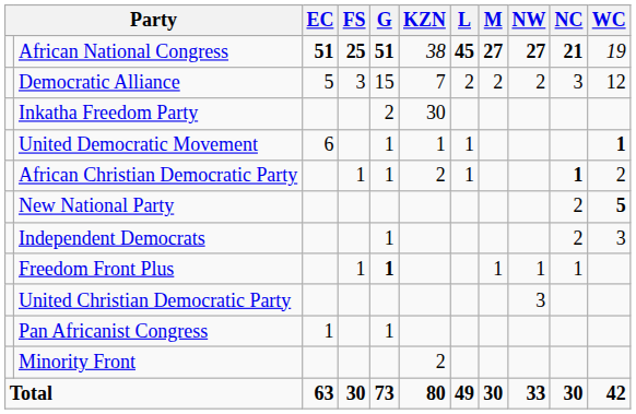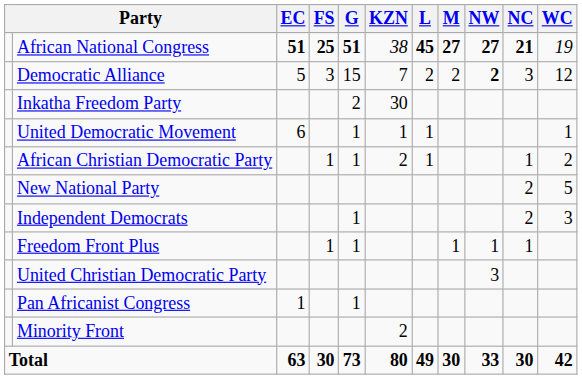 <table class=wikitable style=text-align:right>
 <tr>
 <th colspan=2>Party</th>
 <th><a href='#'>EC</a></th>
 <th><a href='#'>FS</a></th>
 <th><a href='#'>G</a></th>
 <th><a href='#'>KZN</a></th>
 <th><a href='#'>L</a></th>
 <th><a href='#'>M</a></th>
 <th><a href='#'>NW</a></th>
 <th><a href='#'>NC</a></th>
 <th><a href='#'>WC</a></th>
 </tr>
 <tr>
 <td bgcolor=></td>
 <td align=left><a href='#'>African National Congress</a></td>
 <td><strong>51</strong></td>
 <td><strong>25</strong></td>
 <td><strong>51</strong></td>
 <td><em>38</em></td>
 <td><strong>45</strong></td>
 <td><strong>27</strong></td>
 <td><strong>27</strong></td>
 <td><strong>21</strong></td>
 <td><em>19</em></td>
 </tr>
 <tr>
 <td bgcolor=></td>
 <td align=left><a href='#'>Democratic Alliance</a></td>
 <td>5</td>
 <td>3</td>
 <td>15</td>
 <td>7</td>
 <td>2</td>
 <td>2</td>
-<td>2</td>
+<td><strong>2</strong></td>
 <td>3</td>
 <td>12</td>
 </tr>
 <tr>
 <td bgcolor=></td>
 <td align=left><a href='#'>Inkatha Freedom Party</a></td>
 <td></td>
 <td></td>
 <td>2</td>
 <td>30</td>
 <td></td>
 <td></td>
 <td></td>
 <td></td>
 <td></td>
 </tr>
 <tr>
 <td bgcolor=></td>
 <td align=left><a href='#'>United Democratic Movement</a></td>
 <td>6</td>
 <td></td>
 <td>1</td>
 <td>1</td>
 <td>1</td>
 <td></td>
 <td></td>
 <td></td>
-<td><strong>1</strong></td>
+<td>1</td>
 </tr>
 <tr>
 <td bgcolor=></td>
 <td align=left><a href='#'>African Christian Democratic Party</a></td>
 <td></td>
 <td>1</td>
 <td>1</td>
 <td>2</td>
 <td>1</td>
 <td></td>
 <td></td>
-<td><strong>1</strong></td>
+<td>1</td>
 <td>2</td>
 </tr>
 <tr>
 <td bgcolor=></td>
 <td align=left><a href='#'>New National Party</a></td>
 <td></td>
 <td></td>
 <td></td>
 <td></td>
 <td></td>
 <td></td>
 <td></td>
 <td>2</td>
-<td><strong>5</strong></td>
+<td>5</td>
 </tr>
 <tr>
 <td bgcolor=></td>
 <td align=left><a href='#'>Independent Democrats</a></td>
 <td></td>
 <td></td>
 <td>1</td>
 <td></td>
 <td></td>
 <td></td>
 <td></td>
 <td>2</td>
 <td>3</td>
 </tr>
 <tr>
 <td bgcolor=></td>
 <td align=left><a href='#'>Freedom Front Plus</a></td>
 <td></td>
 <td>1</td>
-<td><strong>1</strong></td>
+<td>1</td>
 <td></td>
 <td></td>
 <td>1</td>
 <td>1</td>
 <td>1</td>
 <td></td>
 </tr>
 <tr>
 <td bgcolor=></td>
 <td align=left><a href='#'>United Christian Democratic Party</a></td>
 <td></td>
 <td></td>
 <td></td>
 <td></td>
 <td></td>
 <td></td>
 <td>3</td>
 <td></td>
 <td></td>
 </tr>
 <tr>
 <td bgcolor=></td>
 <td align=left><a href='#'>Pan Africanist Congress</a></td>
 <td>1</td>
 <td></td>
 <td>1</td>
 <td></td>
 <td></td>
 <td></td>
 <td></td>
 <td></td>
 <td></td>
 </tr>
 <tr>
 <td bgcolor=></td>
 <td align=left><a href='#'>Minority Front</a></td>
 <td></td>
 <td></td>
 <td></td>
 <td>2</td>
 <td></td>
 <td></td>
 <td></td>
 <td></td>
 <td></td>
 </tr>
 <tr style=font-weight:bold>
 <td align=left colspan=2>Total</td>
 <td>63</td>
 <td>30</td>
 <td>73</td>
 <td>80</td>
 <td>49</td>
 <td>30</td>
 <td>33</td>
 <td>30</td>
 <td>42</td>
 </tr>
 </table>
